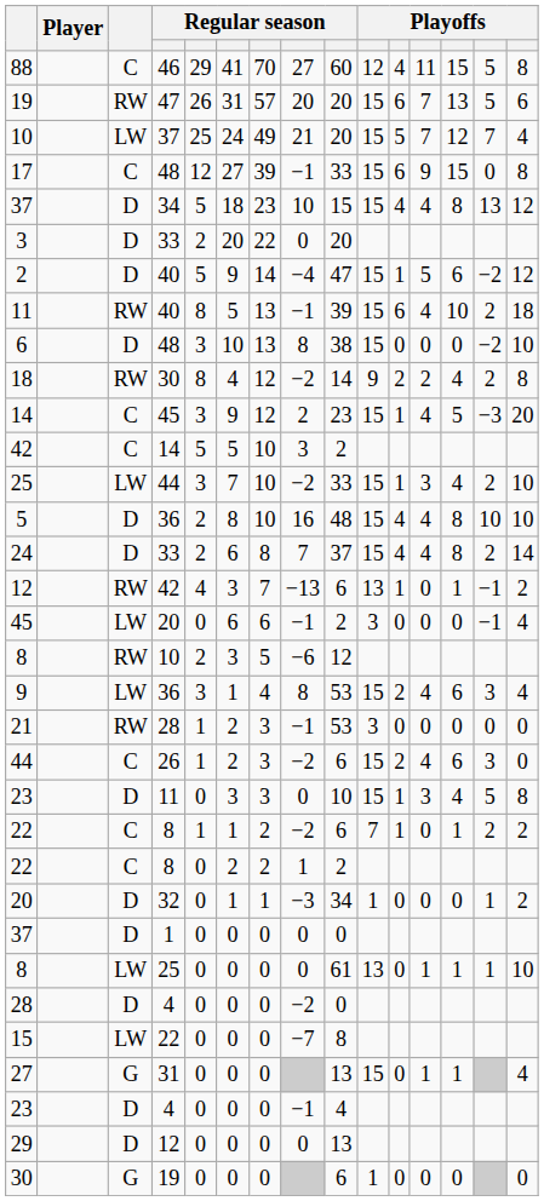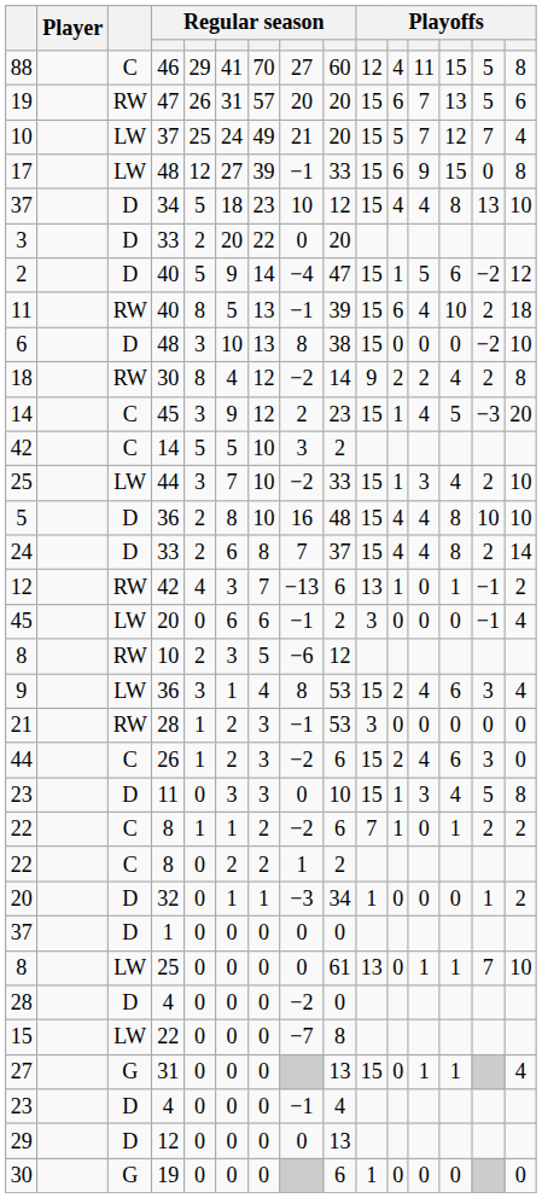 <table class="wikitable sortable plainrowheaders" style="text-align:center;">
 <tr>
 <th scope="col" data-sort-type="number" rowspan="2"></th>
 <th scope="col" rowspan="2">Player</th>
 <th scope="col" rowspan="2"></th>
 <th scope=colgroup colspan=6>Regular season</th>
 <th scope=colgroup colspan=6>Playoffs</th>
 </tr>
 <tr>
 <th scope="col" data-sort-type="number"></th>
 <th scope="col" data-sort-type="number"></th>
 <th scope="col" data-sort-type="number"></th>
 <th scope="col" data-sort-type="number"></th>
 <th scope="col" data-sort-type="number"></th>
 <th scope="col" data-sort-type="number"></th>
 <th scope="col" data-sort-type="number"></th>
 <th scope="col" data-sort-type="number"></th>
 <th scope="col" data-sort-type="number"></th>
 <th scope="col" data-sort-type="number"></th>
 <th scope="col" data-sort-type="number"></th>
 <th scope="col" data-sort-type="number"></th>
 </tr>
 <tr>
 <td scope="row">88</td>
 <td align="left"></td>
 <td>C</td>
 <td>46</td>
 <td>29</td>
 <td>41</td>
 <td>70</td>
 <td>27</td>
 <td>60</td>
 <td>12</td>
 <td>4</td>
 <td>11</td>
 <td>15</td>
 <td>5</td>
 <td>8</td>
 </tr>
 <tr>
 <td scope="row">19</td>
 <td align="left"></td>
 <td>RW</td>
 <td>47</td>
 <td>26</td>
 <td>31</td>
 <td>57</td>
 <td>20</td>
 <td>20</td>
 <td>15</td>
 <td>6</td>
 <td>7</td>
 <td>13</td>
 <td>5</td>
 <td>6</td>
 </tr>
 <tr>
 <td scope="row">10</td>
 <td align="left"></td>
 <td>LW</td>
 <td>37</td>
 <td>25</td>
 <td>24</td>
 <td>49</td>
 <td>21</td>
 <td>20</td>
 <td>15</td>
 <td>5</td>
 <td>7</td>
 <td>12</td>
 <td>7</td>
 <td>4</td>
 </tr>
 <tr>
 <td scope="row">17</td>
 <td align="left"></td>
-<td>C</td>
+<td>LW</td>
 <td>48</td>
 <td>12</td>
 <td>27</td>
 <td>39</td>
 <td>−1</td>
 <td>33</td>
 <td>15</td>
 <td>6</td>
 <td>9</td>
 <td>15</td>
 <td>0</td>
 <td>8</td>
 </tr>
 <tr>
 <td scope="row">37</td>
 <td align="left"></td>
 <td>D</td>
 <td>34</td>
 <td>5</td>
 <td>18</td>
 <td>23</td>
 <td>10</td>
-<td>15</td>
+<td>12</td>
 <td>15</td>
 <td>4</td>
 <td>4</td>
 <td>8</td>
 <td>13</td>
-<td>12</td>
+<td>10</td>
 </tr>
 <tr>
 <td scope="row">3</td>
 <td align="left"></td>
 <td>D</td>
 <td>33</td>
 <td>2</td>
 <td>20</td>
 <td>22</td>
 <td>0</td>
 <td>20</td>
 <td></td>
 <td></td>
 <td></td>
 <td></td>
 <td></td>
 <td></td>
 </tr>
 <tr>
 <td scope="row">2</td>
 <td align="left"></td>
 <td>D</td>
 <td>40</td>
 <td>5</td>
 <td>9</td>
 <td>14</td>
 <td>−4</td>
 <td>47</td>
 <td>15</td>
 <td>1</td>
 <td>5</td>
 <td>6</td>
 <td>−2</td>
 <td>12</td>
 </tr>
 <tr>
 <td scope="row">11</td>
 <td align="left"></td>
 <td>RW</td>
 <td>40</td>
 <td>8</td>
 <td>5</td>
 <td>13</td>
 <td>−1</td>
 <td>39</td>
 <td>15</td>
 <td>6</td>
 <td>4</td>
 <td>10</td>
 <td>2</td>
 <td>18</td>
 </tr>
 <tr>
 <td scope="row">6</td>
 <td align="left"></td>
 <td>D</td>
 <td>48</td>
 <td>3</td>
 <td>10</td>
 <td>13</td>
 <td>8</td>
 <td>38</td>
 <td>15</td>
 <td>0</td>
 <td>0</td>
 <td>0</td>
 <td>−2</td>
 <td>10</td>
 </tr>
 <tr>
 <td scope="row">18</td>
 <td align="left"></td>
 <td>RW</td>
 <td>30</td>
 <td>8</td>
 <td>4</td>
 <td>12</td>
 <td>−2</td>
 <td>14</td>
 <td>9</td>
 <td>2</td>
 <td>2</td>
 <td>4</td>
 <td>2</td>
 <td>8</td>
 </tr>
 <tr>
 <td scope="row">14</td>
 <td align="left"></td>
 <td>C</td>
 <td>45</td>
 <td>3</td>
 <td>9</td>
 <td>12</td>
 <td>2</td>
 <td>23</td>
 <td>15</td>
 <td>1</td>
 <td>4</td>
 <td>5</td>
 <td>−3</td>
 <td>20</td>
 </tr>
 <tr>
 <td scope="row">42</td>
 <td align="left"></td>
 <td>C</td>
 <td>14</td>
 <td>5</td>
 <td>5</td>
 <td>10</td>
 <td>3</td>
 <td>2</td>
 <td></td>
 <td></td>
 <td></td>
 <td></td>
 <td></td>
 <td></td>
 </tr>
 <tr>
 <td scope="row">25</td>
 <td align="left"></td>
 <td>LW</td>
 <td>44</td>
 <td>3</td>
 <td>7</td>
 <td>10</td>
 <td>−2</td>
 <td>33</td>
 <td>15</td>
 <td>1</td>
 <td>3</td>
 <td>4</td>
 <td>2</td>
 <td>10</td>
 </tr>
 <tr>
 <td scope="row">5</td>
 <td align="left"></td>
 <td>D</td>
 <td>36</td>
 <td>2</td>
 <td>8</td>
 <td>10</td>
 <td>16</td>
 <td>48</td>
 <td>15</td>
 <td>4</td>
 <td>4</td>
 <td>8</td>
 <td>10</td>
 <td>10</td>
 </tr>
 <tr>
 <td scope="row">24</td>
 <td align="left"></td>
 <td>D</td>
 <td>33</td>
 <td>2</td>
 <td>6</td>
 <td>8</td>
 <td>7</td>
 <td>37</td>
 <td>15</td>
 <td>4</td>
 <td>4</td>
 <td>8</td>
 <td>2</td>
 <td>14</td>
 </tr>
 <tr>
 <td scope="row">12</td>
 <td align="left"></td>
 <td>RW</td>
 <td>42</td>
 <td>4</td>
 <td>3</td>
 <td>7</td>
 <td>−13</td>
 <td>6</td>
 <td>13</td>
 <td>1</td>
 <td>0</td>
 <td>1</td>
 <td>−1</td>
 <td>2</td>
 </tr>
 <tr>
 <td scope="row">45</td>
 <td align="left"></td>
 <td>LW</td>
 <td>20</td>
 <td>0</td>
 <td>6</td>
 <td>6</td>
 <td>−1</td>
 <td>2</td>
 <td>3</td>
 <td>0</td>
 <td>0</td>
 <td>0</td>
 <td>−1</td>
 <td>4</td>
 </tr>
 <tr>
 <td scope="row">8</td>
 <td align="left"></td>
 <td>RW</td>
 <td>10</td>
 <td>2</td>
 <td>3</td>
 <td>5</td>
 <td>−6</td>
 <td>12</td>
 <td></td>
 <td></td>
 <td></td>
 <td></td>
 <td></td>
 <td></td>
 </tr>
 <tr>
 <td scope="row">9</td>
 <td align="left"></td>
 <td>LW</td>
 <td>36</td>
 <td>3</td>
 <td>1</td>
 <td>4</td>
 <td>8</td>
 <td>53</td>
 <td>15</td>
 <td>2</td>
 <td>4</td>
 <td>6</td>
 <td>3</td>
 <td>4</td>
 </tr>
 <tr>
 <td scope="row">21</td>
 <td align="left"></td>
 <td>RW</td>
 <td>28</td>
 <td>1</td>
 <td>2</td>
 <td>3</td>
 <td>−1</td>
 <td>53</td>
 <td>3</td>
 <td>0</td>
 <td>0</td>
 <td>0</td>
 <td>0</td>
 <td>0</td>
 </tr>
 <tr>
 <td scope="row">44</td>
 <td align="left"></td>
 <td>C</td>
 <td>26</td>
 <td>1</td>
 <td>2</td>
 <td>3</td>
 <td>−2</td>
 <td>6</td>
 <td>15</td>
 <td>2</td>
 <td>4</td>
 <td>6</td>
 <td>3</td>
 <td>0</td>
 </tr>
 <tr>
 <td scope="row">23</td>
 <td align="left"></td>
 <td>D</td>
 <td>11</td>
 <td>0</td>
 <td>3</td>
 <td>3</td>
 <td>0</td>
 <td>10</td>
 <td>15</td>
 <td>1</td>
 <td>3</td>
 <td>4</td>
 <td>5</td>
 <td>8</td>
 </tr>
 <tr>
 <td scope="row">22</td>
 <td align="left"></td>
 <td>C</td>
 <td>8</td>
 <td>1</td>
 <td>1</td>
 <td>2</td>
 <td>−2</td>
 <td>6</td>
 <td>7</td>
 <td>1</td>
 <td>0</td>
 <td>1</td>
 <td>2</td>
 <td>2</td>
 </tr>
 <tr>
 <td scope="row">22</td>
 <td align="left"></td>
 <td>C</td>
 <td>8</td>
 <td>0</td>
 <td>2</td>
 <td>2</td>
 <td>1</td>
 <td>2</td>
 <td></td>
 <td></td>
 <td></td>
 <td></td>
 <td></td>
 <td></td>
 </tr>
 <tr>
 <td scope="row">20</td>
 <td align="left"></td>
 <td>D</td>
 <td>32</td>
 <td>0</td>
 <td>1</td>
 <td>1</td>
 <td>−3</td>
 <td>34</td>
 <td>1</td>
 <td>0</td>
 <td>0</td>
 <td>0</td>
 <td>1</td>
 <td>2</td>
 </tr>
 <tr>
 <td scope="row">37</td>
 <td align="left"></td>
 <td>D</td>
 <td>1</td>
 <td>0</td>
 <td>0</td>
 <td>0</td>
 <td>0</td>
 <td>0</td>
 <td></td>
 <td></td>
 <td></td>
 <td></td>
 <td></td>
 <td></td>
 </tr>
 <tr>
 <td scope="row">8</td>
 <td align="left"></td>
 <td>LW</td>
 <td>25</td>
 <td>0</td>
 <td>0</td>
 <td>0</td>
 <td>0</td>
 <td>61</td>
 <td>13</td>
 <td>0</td>
 <td>1</td>
 <td>1</td>
-<td>1</td>
+<td>7</td>
 <td>10</td>
 </tr>
 <tr>
 <td scope="row">28</td>
 <td align="left"></td>
 <td>D</td>
 <td>4</td>
 <td>0</td>
 <td>0</td>
 <td>0</td>
 <td>−2</td>
 <td>0</td>
 <td></td>
 <td></td>
 <td></td>
 <td></td>
 <td></td>
 <td></td>
 </tr>
 <tr>
 <td scope="row">15</td>
 <td align="left"></td>
 <td>LW</td>
 <td>22</td>
 <td>0</td>
 <td>0</td>
 <td>0</td>
 <td>−7</td>
 <td>8</td>
 <td></td>
 <td></td>
 <td></td>
 <td></td>
 <td></td>
 <td></td>
 </tr>
 <tr>
 <td scope="row">27</td>
 <td align="left"></td>
 <td>G</td>
 <td>31</td>
 <td>0</td>
 <td>0</td>
 <td>0</td>
 <td style="background:#ccc"></td>
 <td>13</td>
 <td>15</td>
 <td>0</td>
 <td>1</td>
 <td>1</td>
 <td style="background:#ccc"></td>
 <td>4</td>
 </tr>
 <tr>
 <td scope="row">23</td>
 <td align="left"></td>
 <td>D</td>
 <td>4</td>
 <td>0</td>
 <td>0</td>
 <td>0</td>
 <td>−1</td>
 <td>4</td>
 <td></td>
 <td></td>
 <td></td>
 <td></td>
 <td></td>
 <td></td>
 </tr>
 <tr>
 <td scope="row">29</td>
 <td align="left"></td>
 <td>D</td>
 <td>12</td>
 <td>0</td>
 <td>0</td>
 <td>0</td>
 <td>0</td>
 <td>13</td>
 <td></td>
 <td></td>
 <td></td>
 <td></td>
 <td></td>
 <td></td>
 </tr>
 <tr>
 <td scope="row">30</td>
 <td align="left"></td>
 <td>G</td>
 <td>19</td>
 <td>0</td>
 <td>0</td>
 <td>0</td>
 <td style="background:#ccc"></td>
 <td>6</td>
 <td>1</td>
 <td>0</td>
 <td>0</td>
 <td>0</td>
 <td style="background:#ccc"></td>
 <td>0</td>
 </tr>
 </table>
